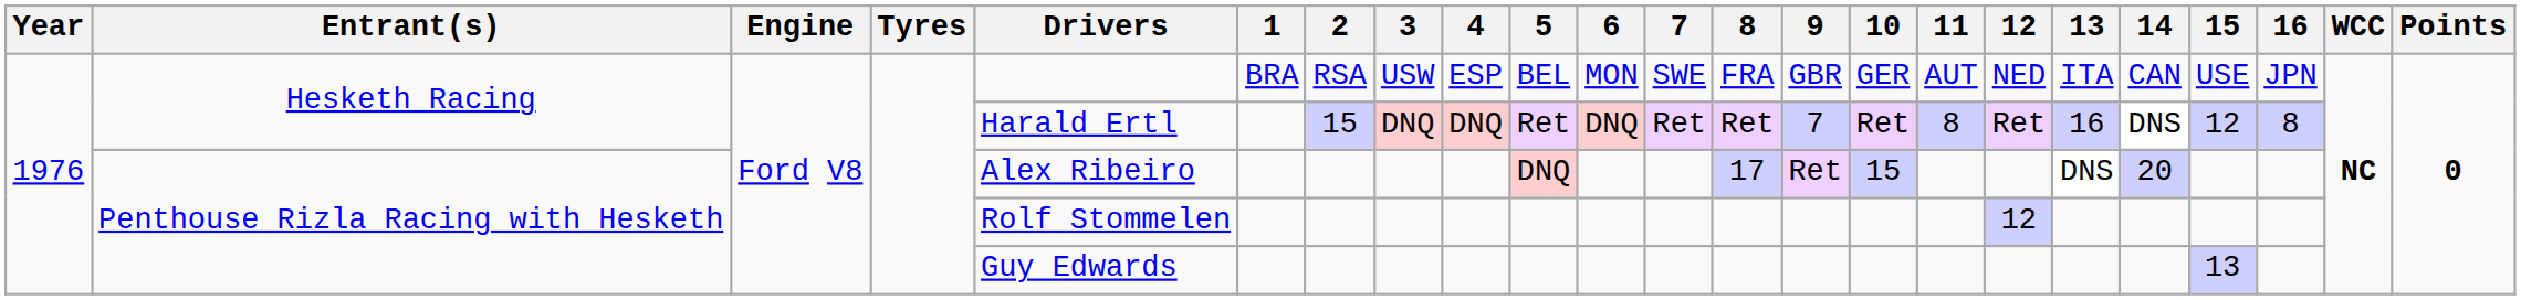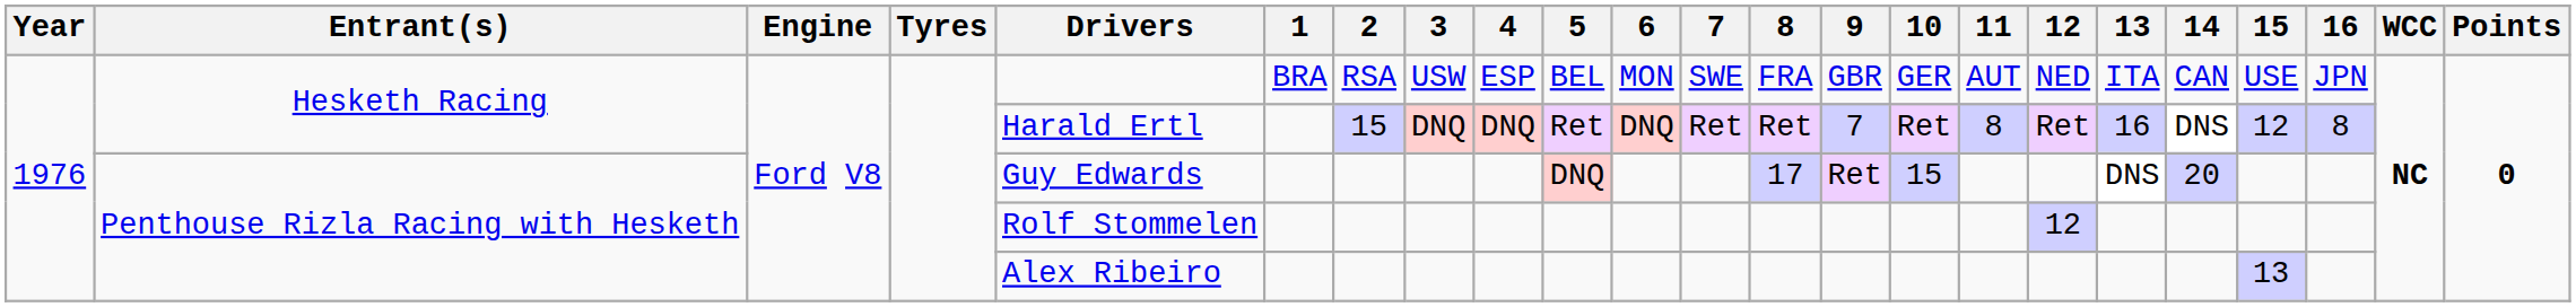 <table class="wikitable" style="text-align:center; font-size:95%">
 <tr>
 <th>Year</th>
 <th>Entrant(s)</th>
 <th>Engine</th>
 <th>Tyres</th>
 <th>Drivers</th>
 <th>1</th>
 <th>2</th>
 <th>3</th>
 <th>4</th>
 <th>5</th>
 <th>6</th>
 <th>7</th>
 <th>8</th>
 <th>9</th>
 <th>10</th>
 <th>11</th>
 <th>12</th>
 <th>13</th>
 <th>14</th>
 <th>15</th>
 <th>16</th>
 <th>WCC</th>
 <th>Points</th>
 </tr>
 <tr>
 <td rowspan="5"><a href='#'>1976</a></td>
 <td rowspan="2"><a href='#'>Hesketh Racing</a></td>
 <td rowspan="5"><a href='#'>Ford</a> <a href='#'>V8</a></td>
 <td rowspan="5"></td>
 <td></td>
 <td><a href='#'>BRA</a></td>
 <td><a href='#'>RSA</a></td>
 <td><a href='#'>USW</a></td>
 <td><a href='#'>ESP</a></td>
 <td><a href='#'>BEL</a></td>
 <td><a href='#'>MON</a></td>
 <td><a href='#'>SWE</a></td>
 <td><a href='#'>FRA</a></td>
 <td><a href='#'>GBR</a></td>
 <td><a href='#'>GER</a></td>
 <td><a href='#'>AUT</a></td>
 <td><a href='#'>NED</a></td>
 <td><a href='#'>ITA</a></td>
 <td><a href='#'>CAN</a></td>
 <td><a href='#'>USE</a></td>
 <td><a href='#'>JPN</a></td>
 <td rowspan="5"><strong>NC</strong></td>
 <td rowspan="5"><strong>0</strong></td>
 </tr>
 <tr>
 <td align="left"><a href='#'>Harald Ertl</a></td>
 <td></td>
 <td style="background:#CFCFFF;">15</td>
 <td style="background:#FFCFCF;">DNQ</td>
 <td style="background:#FFCFCF;">DNQ</td>
 <td style="background:#EFCFFF;">Ret</td>
 <td style="background:#FFCFCF;">DNQ</td>
 <td style="background:#EFCFFF;">Ret</td>
 <td style="background:#EFCFFF;">Ret</td>
 <td style="background:#CFCFFF;">7</td>
 <td style="background:#EFCFFF;">Ret</td>
 <td style="background:#CFCFFF;">8</td>
 <td style="background:#EFCFFF;">Ret</td>
 <td style="background:#CFCFFF;">16</td>
 <td style="background:#FFFFFF;">DNS</td>
 <td style="background:#CFCFFF;">12</td>
 <td style="background:#CFCFFF;">8</td>
 </tr>
 <tr>
 <td rowspan="3"><a href='#'>Penthouse Rizla Racing with Hesketh</a></td>
-<td align="left"><a href='#'>Alex Ribeiro</a></td>
+<td align="left"><a href='#'>Guy Edwards</a></td>
 <td></td>
 <td></td>
 <td></td>
 <td></td>
 <td style="background:#FFCFCF;">DNQ</td>
 <td></td>
 <td></td>
 <td style="background:#CFCFFF;">17</td>
 <td style="background:#EFCFFF;">Ret</td>
 <td style="background:#CFCFFF;">15</td>
 <td></td>
 <td></td>
 <td style="background:#FFFFFF;">DNS</td>
 <td style="background:#CFCFFF;">20</td>
 <td></td>
 <td></td>
 </tr>
 <tr>
 <td align="left"><a href='#'>Rolf Stommelen</a></td>
 <td></td>
 <td></td>
 <td></td>
 <td></td>
 <td></td>
 <td></td>
 <td></td>
 <td></td>
 <td></td>
 <td></td>
 <td></td>
 <td style="background:#CFCFFF;">12</td>
 <td></td>
 <td></td>
 <td></td>
 <td></td>
 </tr>
 <tr>
-<td align="left"><a href='#'>Guy Edwards</a></td>
+<td align="left"><a href='#'>Alex Ribeiro</a></td>
 <td></td>
 <td></td>
 <td></td>
 <td></td>
 <td></td>
 <td></td>
 <td></td>
 <td></td>
 <td></td>
 <td></td>
 <td></td>
 <td></td>
 <td></td>
 <td></td>
 <td style="background:#CFCFFF;">13</td>
 <td></td>
 </tr>
 </table>
